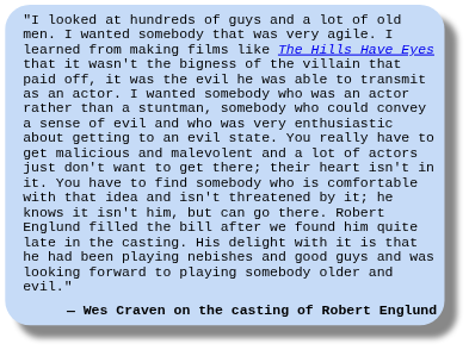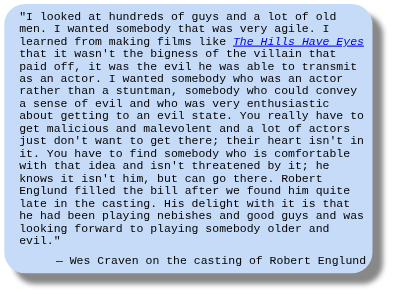 <table class="toccolours" style="float: right; margin-left: 1em; margin-right: 2em; margin-bottom: 8em; font-size: 85%; background:#c6dbf7; color:black; width:32em; max-width:40%; padding-left: 8px; border-radius: 20px; box-shadow: 10px 10px 5px #888888;" cellspacing="5">
 <tr>
 <td align="left">"I looked at hundreds of guys and a lot of old men. I wanted somebody that was very agile. I learned from making films like <em><a href='#'>The Hills Have Eyes</a></em> that it wasn't the bigness of the villain that paid off, it was the evil he was able to transmit as an actor. I wanted somebody who was an actor rather than a stuntman, somebody who could convey a sense of evil and who was very enthusiastic about getting to an evil state. You really have to get malicious and malevolent and a lot of actors just don't want to get there; their heart isn't in it. You have to find somebody who is comfortable with that idea and isn't threatened by it; he knows it isn't him, but can go there. Robert Englund filled the bill after we found him quite late in the casting. His delight with it is that he had been playing nebishes and good guys and was looking forward to playing somebody older and evil."</td>
 </tr>
 <tr>
-<td align="right"><strong> — Wes Craven on the casting of Robert Englund</strong></td>
+<td align="right"> — Wes Craven on the casting of Robert Englund</td>
 </tr>
 </table>
